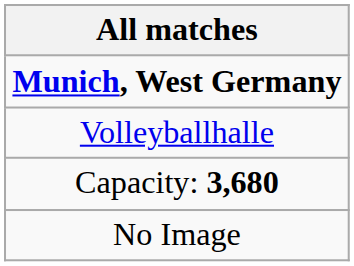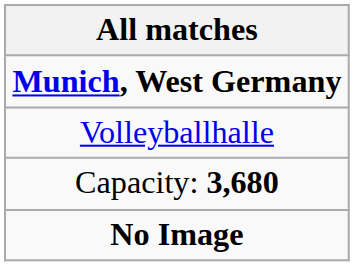 <table class="wikitable" style="text-align:center">
 <tr>
 <th>All matches</th>
 </tr>
 <tr>
 <td> <strong><a href='#'>Munich</a>, West Germany</strong></td>
 </tr>
 <tr>
 <td><a href='#'>Volleyballhalle</a></td>
 </tr>
 <tr>
 <td>Capacity: <strong>3,680</strong></td>
 </tr>
 <tr>
-<td>No Image</td>
+<td><strong>No Image</strong></td>
 </tr>
 </table>
